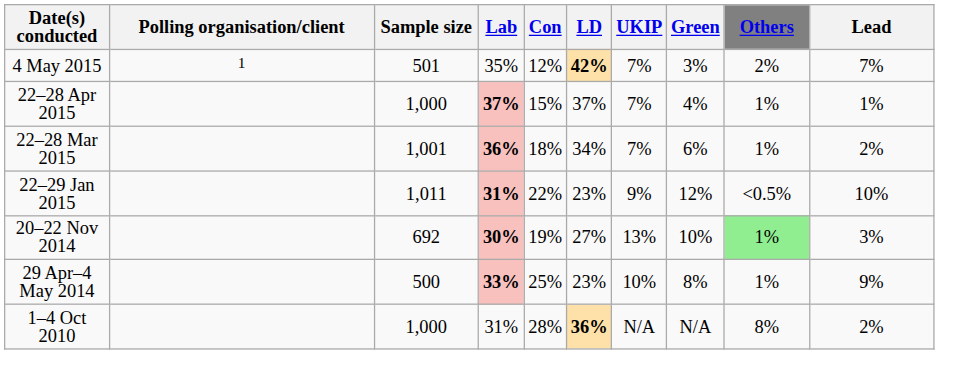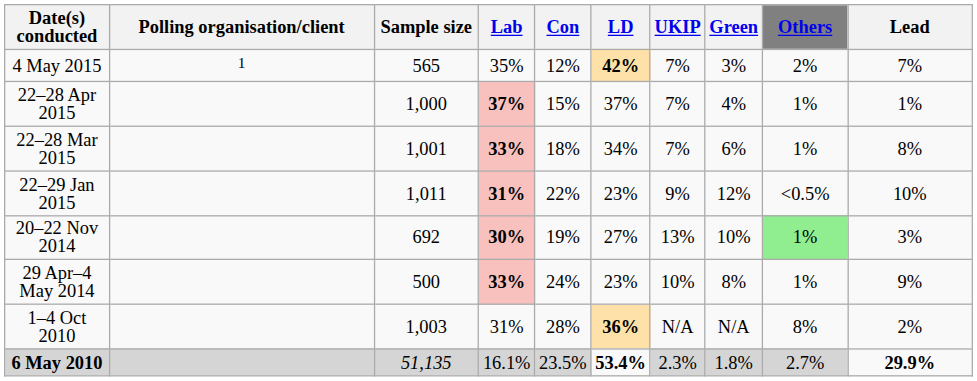 <table class="wikitable sortable" style="text-align:center;font-size:90%;line-height:14px">
 <tr>
 <th ! style="width:75px;">Date(s)<br>conducted</th>
 <th style="width:200px;">Polling organisation/client</th>
 <th class="unsortable" style="width:75px;">Sample size</th>
 <th class="unsortable" style="background:"><a href='#'><span>Lab</span></a></th>
 <th class="unsortable" style="background:"><a href='#'><span>Con</span></a></th>
 <th class="unsortable" style="background:"><a href='#'><span>LD</span></a></th>
 <th class="unsortable" style="background:"><a href='#'><span>UKIP</span></a></th>
 <th class="unsortable" style="background:"><a href='#'><span>Green</span></a></th>
 <th class="unsortable" style="background:gray; width:60px;"><a href='#'><span>Others</span></a></th>
 <th class="unsortable" style="width:90px;">Lead</th>
 </tr>
 <tr>
 <td>4 May 2015</td>
 <td><sup>1</sup></td>
-<td>501</td>
+<td>565</td>
 <td>35%</td>
 <td>12%</td>
 <td style="background:#FEE1A8"><strong>42%</strong></td>
 <td>7%</td>
 <td>3%</td>
 <td>2%</td>
 <td style="background:">7%</td>
 </tr>
 <tr>
 <td>22–28 Apr 2015</td>
 <td></td>
 <td>1,000</td>
 <td style="background:#F8C1BE"><strong>37%</strong></td>
 <td>15%</td>
 <td>37%</td>
 <td>7%</td>
 <td>4%</td>
 <td>1%</td>
 <td style="background:">1%</td>
 </tr>
 <tr>
 <td>22–28 Mar 2015</td>
 <td></td>
 <td>1,001</td>
-<td style="background:#F8C1BE"><strong>36%</strong></td>
+<td style="background:#F8C1BE"><strong>33%</strong></td>
 <td>18%</td>
 <td>34%</td>
 <td>7%</td>
 <td>6%</td>
 <td>1%</td>
-<td style="background:">2%</td>
+<td style="background:">8%</td>
 </tr>
 <tr>
 <td>22–29 Jan 2015</td>
 <td></td>
 <td>1,011</td>
 <td style="background:#F8C1BE"><strong>31%</strong></td>
 <td>22%</td>
 <td>23%</td>
 <td>9%</td>
 <td>12%</td>
 <td><0.5%</td>
 <td style="background:">10%</td>
 </tr>
 <tr>
 <td>20–22 Nov 2014</td>
 <td></td>
 <td>692</td>
 <td style="background:#F8C1BE"><strong>30%</strong></td>
 <td>19%</td>
 <td>27%</td>
 <td>13%</td>
 <td>10%</td>
 <td style="background: lightgreen;">1%</td>
 <td style="background:">3%</td>
 </tr>
 <tr>
 <td>29 Apr–4 May 2014</td>
 <td></td>
 <td>500</td>
 <td style="background:#F8C1BE"><strong>33%</strong></td>
-<td>25%</td>
+<td>24%</td>
 <td>23%</td>
 <td>10%</td>
 <td>8%</td>
 <td>1%</td>
 <td style="background:">9%</td>
 </tr>
 <tr>
 <td>1–4 Oct 2010</td>
 <td></td>
-<td>1,000</td>
+<td>1,003</td>
 <td>31%</td>
 <td>28%</td>
 <td style="background:#FEE1A8"><strong>36%</strong></td>
 <td>N/A</td>
 <td>N/A</td>
 <td>8%</td>
 <td style="background:">2%</td>
 </tr>
+<tr>
+<td style="background:#D5D5D5"><strong>6 May 2010</strong></td>
+<td style="background:#D5D5D5"></td>
+<td style="background:#D5D5D5"><em>51,135</em></td>
+<td style="background:#D5D5D5">16.1%</td>
+<td style="background:#D5D5D5">23.5%</td>
+<td style="background:"><strong>53.4%</strong></td>
+<td style="background:#D5D5D5">2.3%</td>
+<td style="background:#D5D5D5">1.8%</td>
+<td style="background:#D5D5D5">2.7%</td>
+<td style="background:"><strong>29.9% </strong></td>
+</tr>
 </table>
